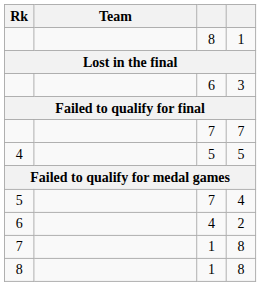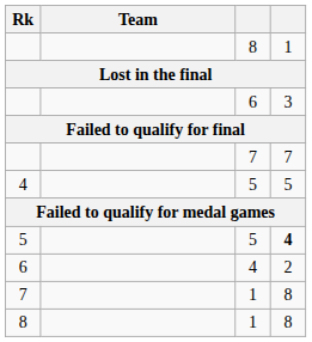 <table class=wikitable style="text-align:center; font-size:95%">
 <tr>
 <th width=25>Rk</th>
 <th width=170>Team</th>
 <th width=25></th>
 <th width=25></th>
 </tr>
 <tr>
 <td></td>
 <td align=left></td>
 <td>8</td>
 <td>1</td>
 </tr>
 <tr>
 <th colspan=4>Lost in the final</th>
 </tr>
 <tr>
 <td></td>
 <td align=left></td>
 <td>6</td>
 <td>3</td>
 </tr>
 <tr>
 <th colspan=4>Failed to qualify for final</th>
 </tr>
 <tr>
 <td></td>
 <td align=left></td>
 <td>7</td>
 <td>7</td>
 </tr>
 <tr>
 <td>4</td>
 <td align=left></td>
 <td>5</td>
 <td>5</td>
 </tr>
 <tr>
 <th colspan=4>Failed to qualify for medal games</th>
 </tr>
 <tr>
 <td>5</td>
 <td align=left></td>
-<td>7</td>
-<td>4</td>
+<td>5</td>
+<td><strong>4</strong></td>
 </tr>
 <tr>
 <td>6</td>
 <td align=left></td>
 <td>4</td>
 <td>2</td>
 </tr>
 <tr>
 <td>7</td>
 <td align=left></td>
 <td>1</td>
 <td>8</td>
 </tr>
 <tr>
 <td>8</td>
 <td align=left></td>
 <td>1</td>
 <td>8</td>
 </tr>
 </table>
